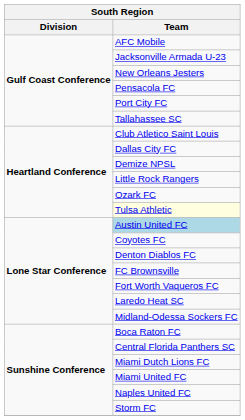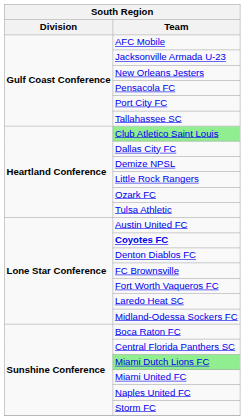 <table class="wikitable" style="text-align:left">
 <tr>
 <th colspan=3>South Region</th>
 </tr>
 <tr>
 <th>Division</th>
 <th>Team</th>
 </tr>
 <tr>
 <td rowspan=6><strong>Gulf Coast Conference</strong></td>
 <td><a href='#'>AFC Mobile</a></td>
 </tr>
 <tr>
 <td><a href='#'>Jacksonville Armada U-23</a></td>
 </tr>
 <tr>
 <td><a href='#'>New Orleans Jesters</a></td>
 </tr>
 <tr>
 <td><a href='#'>Pensacola FC</a></td>
 </tr>
 <tr>
 <td><a href='#'>Port City FC</a></td>
 </tr>
 <tr>
 <td><a href='#'>Tallahassee SC</a></td>
 </tr>
 <tr>
 <td rowspan=6><strong>Heartland Conference</strong></td>
-<td><a href='#'>Club Atletico Saint Louis</a></td>
+<td style="background: lightgreen;"><a href='#'>Club Atletico Saint Louis</a></td>
 </tr>
 <tr>
 <td><a href='#'>Dallas City FC</a></td>
 </tr>
 <tr>
 <td><a href='#'>Demize NPSL</a></td>
 </tr>
 <tr>
 <td><a href='#'>Little Rock Rangers</a></td>
 </tr>
 <tr>
 <td><a href='#'>Ozark FC</a></td>
 </tr>
 <tr>
-<td style="background: lightyellow;"><a href='#'>Tulsa Athletic</a></td>
+<td><a href='#'>Tulsa Athletic</a></td>
 </tr>
 <tr>
 <td rowspan=7><strong>Lone Star Conference</strong></td>
-<td style="background: lightblue;"><a href='#'>Austin United FC</a></td>
+<td><a href='#'>Austin United FC</a></td>
 </tr>
 <tr>
-<td><a href='#'>Coyotes FC</a></td>
+<td><strong><a href='#'>Coyotes FC</a></strong></td>
 </tr>
 <tr>
 <td><a href='#'>Denton Diablos FC</a></td>
 </tr>
 <tr>
 <td><a href='#'>FC Brownsville</a></td>
 </tr>
 <tr>
 <td><a href='#'>Fort Worth Vaqueros FC</a></td>
 </tr>
 <tr>
 <td><a href='#'>Laredo Heat SC</a></td>
 </tr>
 <tr>
 <td><a href='#'>Midland-Odessa Sockers FC</a></td>
 </tr>
 <tr>
 <td rowspan=6><strong>Sunshine Conference</strong></td>
 <td><a href='#'>Boca Raton FC</a></td>
 </tr>
 <tr>
 <td><a href='#'>Central Florida Panthers SC</a></td>
 </tr>
 <tr>
-<td><a href='#'>Miami Dutch Lions FC</a></td>
+<td style="background: lightgreen;"><a href='#'>Miami Dutch Lions FC</a></td>
 </tr>
 <tr>
 <td><a href='#'>Miami United FC</a></td>
 </tr>
 <tr>
 <td><a href='#'>Naples United FC</a></td>
 </tr>
 <tr>
 <td><a href='#'>Storm FC</a></td>
 </tr>
 <tr>
 </tr>
 </table>
